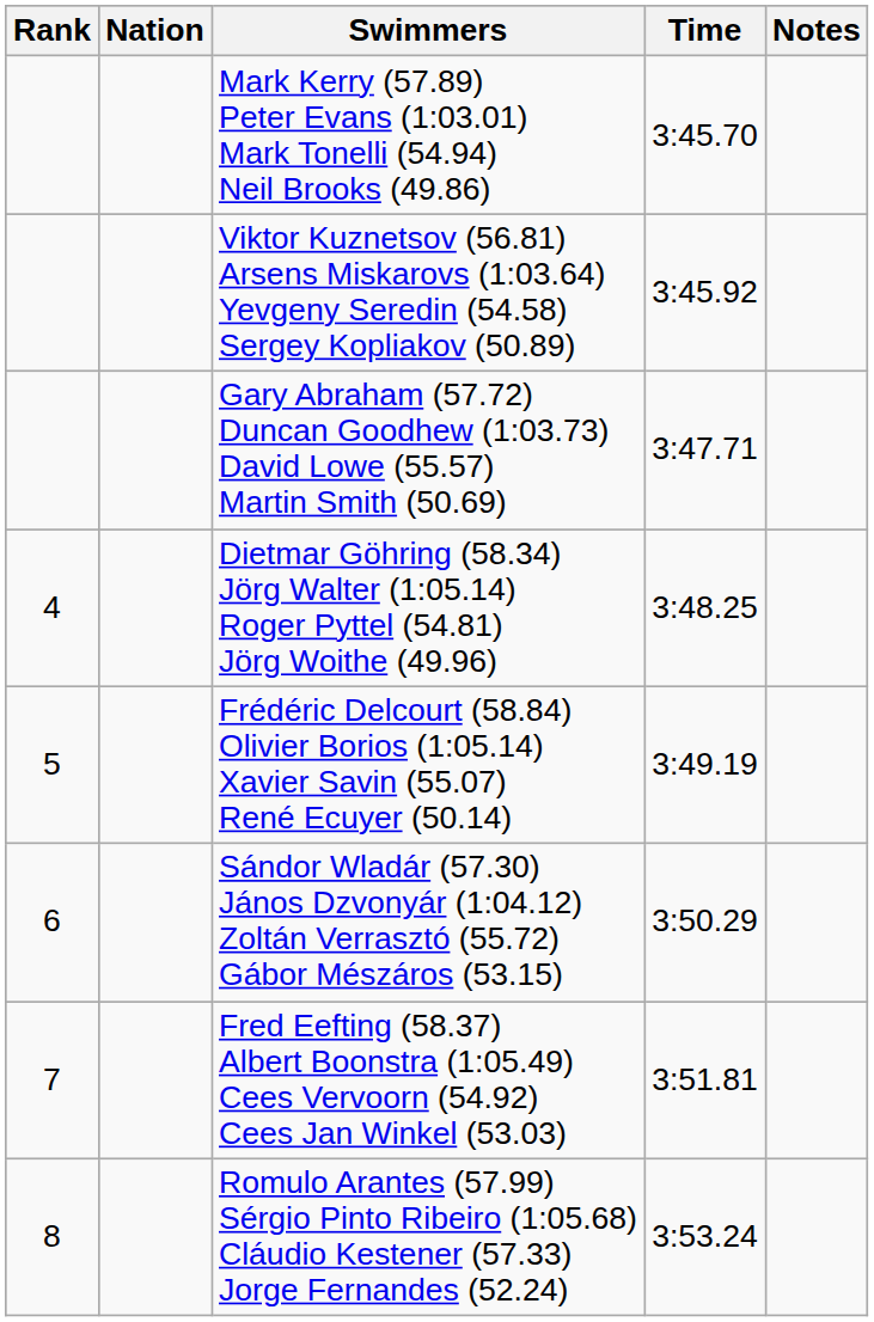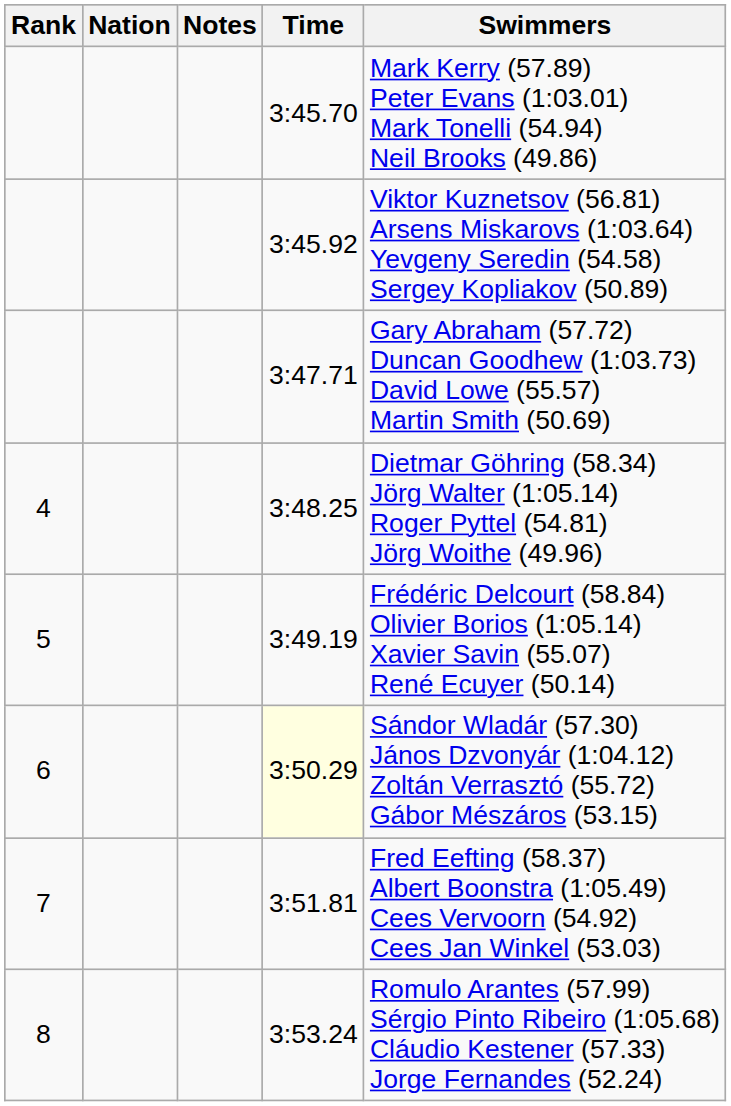 <table class="wikitable sortable" style="text-align:center">
 <tr>
 <th>Rank</th>
 <th>Nation</th>
+<th>Notes</th>
+<th>Time</th>
 <th>Swimmers</th>
-<th>Time</th>
-<th>Notes</th>
 </tr>
 <tr>
 <td></td>
 <td align=left></td>
+<td></td>
+<td>3:45.70</td>
 <td align=left><a href='#'>Mark Kerry</a> (57.89)<br><a href='#'>Peter Evans</a> (1:03.01)<br><a href='#'>Mark Tonelli</a> (54.94)<br><a href='#'>Neil Brooks</a> (49.86)</td>
-<td>3:45.70</td>
-<td></td>
 </tr>
 <tr>
 <td></td>
 <td align=left></td>
+<td></td>
+<td>3:45.92</td>
 <td align=left><a href='#'>Viktor Kuznetsov</a> (56.81)<br><a href='#'>Arsens Miskarovs</a> (1:03.64)<br><a href='#'>Yevgeny Seredin</a> (54.58)<br><a href='#'>Sergey Kopliakov</a> (50.89)</td>
-<td>3:45.92</td>
-<td></td>
 </tr>
 <tr>
 <td></td>
 <td align=left></td>
+<td></td>
+<td>3:47.71</td>
 <td align=left><a href='#'>Gary Abraham</a> (57.72)<br><a href='#'>Duncan Goodhew</a> (1:03.73)<br><a href='#'>David Lowe</a> (55.57)<br><a href='#'>Martin Smith</a> (50.69)</td>
-<td>3:47.71</td>
-<td></td>
 </tr>
 <tr>
 <td>4</td>
 <td align=left></td>
+<td></td>
+<td>3:48.25</td>
 <td align=left><a href='#'>Dietmar Göhring</a> (58.34)<br><a href='#'>Jörg Walter</a> (1:05.14)<br><a href='#'>Roger Pyttel</a> (54.81)<br><a href='#'>Jörg Woithe</a> (49.96)</td>
-<td>3:48.25</td>
-<td></td>
 </tr>
 <tr>
 <td>5</td>
 <td align=left></td>
+<td></td>
+<td>3:49.19</td>
 <td align=left><a href='#'>Frédéric Delcourt</a> (58.84)<br><a href='#'>Olivier Borios</a> (1:05.14)<br><a href='#'>Xavier Savin</a> (55.07)<br><a href='#'>René Ecuyer</a> (50.14)</td>
-<td>3:49.19</td>
-<td></td>
 </tr>
 <tr>
 <td>6</td>
 <td align=left></td>
+<td></td>
+<td style="background: lightyellow;">3:50.29</td>
 <td align=left><a href='#'>Sándor Wladár</a> (57.30)<br><a href='#'>János Dzvonyár</a> (1:04.12)<br><a href='#'>Zoltán Verrasztó</a> (55.72)<br><a href='#'>Gábor Mészáros</a> (53.15)</td>
-<td>3:50.29</td>
-<td></td>
 </tr>
 <tr>
 <td>7</td>
 <td align=left></td>
+<td></td>
+<td>3:51.81</td>
 <td align=left><a href='#'>Fred Eefting</a> (58.37)<br><a href='#'>Albert Boonstra</a> (1:05.49)<br><a href='#'>Cees Vervoorn</a> (54.92)<br><a href='#'>Cees Jan Winkel</a> (53.03)</td>
-<td>3:51.81</td>
-<td></td>
 </tr>
 <tr>
 <td>8</td>
 <td align=left></td>
+<td></td>
+<td>3:53.24</td>
 <td align=left><a href='#'>Romulo Arantes</a> (57.99)<br><a href='#'>Sérgio Pinto Ribeiro</a> (1:05.68)<br><a href='#'>Cláudio Kestener</a> (57.33)<br><a href='#'>Jorge Fernandes</a> (52.24)</td>
-<td>3:53.24</td>
-<td></td>
 </tr>
 </table>
